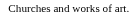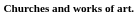 <table align="center" cellpadding=0px cellspacing=8px>
 <tr>
 <td></td>
 <td></td>
 <td></td>
 <td></td>
 </tr>
 <tr>
-<td><small>Churches and works of art.</small></td>
+<td><strong><small>Churches and works of art.</small></strong></td>
 </tr>
 </table>
